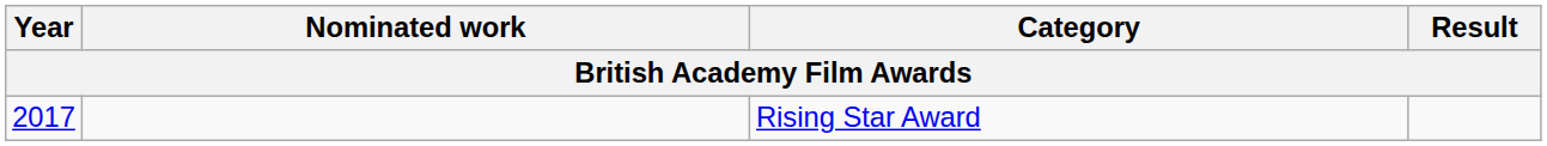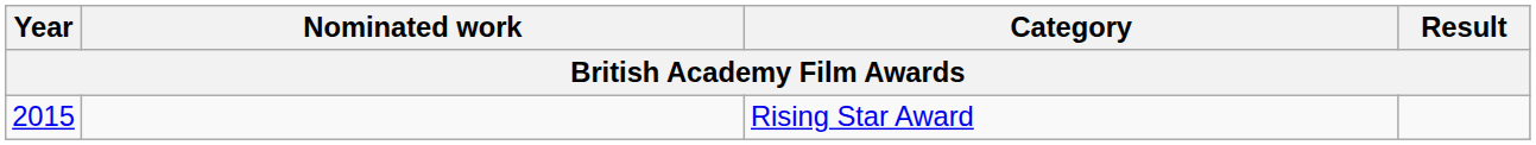 <table class="wikitable">
 <tr>
 <th scope="col" style="width:1em;">Year</th>
 <th scope="col" style="width:35em;">Nominated work</th>
 <th scope="col" style="width:35em;">Category</th>
 <th scope="col" style="width:5em;">Result</th>
 </tr>
 <tr>
 <th colspan="4">British Academy Film Awards</th>
 </tr>
 <tr>
-<td><a href='#'>2017</a></td>
+<td><a href='#'>2015</a></td>
 <td></td>
 <td><a href='#'>Rising Star Award</a></td>
 <td></td>
 </tr>
 </table>
